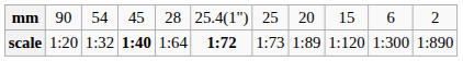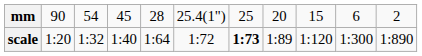 <table class="wikitable" style=text-align:center;>
 <tr>
 <th>mm</th>
 <td>90</td>
 <td>54</td>
 <td>45</td>
 <td>28</td>
 <td>25.4(1")</td>
 <td>25</td>
 <td>20</td>
 <td>15</td>
 <td>6</td>
 <td>2</td>
 </tr>
 <tr>
 <th>scale</th>
 <td>1:20</td>
 <td>1:32</td>
-<td><strong>1:40</strong></td>
+<td>1:40</td>
 <td>1:64</td>
-<td><strong>1:72</strong></td>
-<td>1:73</td>
+<td>1:72</td>
+<td><strong>1:73</strong></td>
 <td>1:89</td>
 <td>1:120</td>
 <td>1:300</td>
 <td>1:890</td>
 </tr>
 </table>
